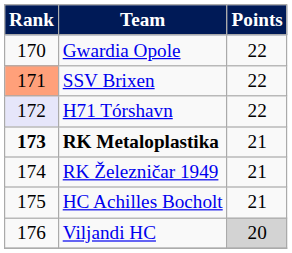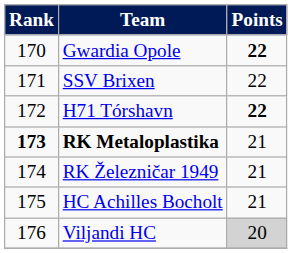 <table class="wikitable" style="text-align: center">
 <tr>
 <th style="color:white; background:#001A57">Rank</th>
 <th style="color:white; background:#001A57">Team</th>
 <th style="color:white; background:#001A57">Points</th>
 </tr>
 <tr>
 <td>170</td>
 <td align=left> <a href='#'>Gwardia Opole</a></td>
-<td>22</td>
+<td><strong>22</strong></td>
 </tr>
 <tr>
-<td style="background: lightsalmon;">171</td>
+<td>171</td>
 <td align=left> <a href='#'>SSV Brixen</a></td>
 <td>22</td>
 </tr>
 <tr>
-<td style="background: lavender;">172</td>
+<td>172</td>
 <td align=left> <a href='#'>H71 Tórshavn</a></td>
-<td>22</td>
+<td><strong>22</strong></td>
 </tr>
 <tr>
 <td><strong>173</strong></td>
 <td align=left> <strong>RK Metaloplastika</strong></td>
 <td>21</td>
 </tr>
 <tr>
 <td>174</td>
 <td align=left> <a href='#'>RK Železničar 1949</a></td>
 <td>21</td>
 </tr>
 <tr>
 <td>175</td>
 <td align=left> <a href='#'>HC Achilles Bocholt</a></td>
 <td>21</td>
 </tr>
 <tr>
 <td>176</td>
 <td align=left> <a href='#'>Viljandi HC</a></td>
 <td style="background: lightgrey;">20</td>
 </tr>
 <tr>
 </tr>
 </table>
